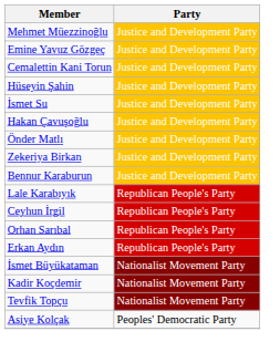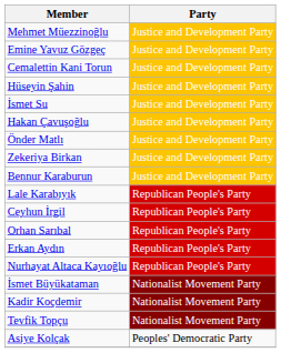 <table class="wikitable">
 <tr>
 <th>Member</th>
 <th>Party</th>
 </tr>
 <tr>
 <td><a href='#'>Mehmet Müezzinoğlu</a></td>
 <td style="background:#FDC400; color:white">Justice and Development Party</td>
 </tr>
 <tr>
 <td><a href='#'>Emine Yavuz Gözgeç</a></td>
 <td style="background:#FDC400; color:white">Justice and Development Party</td>
 </tr>
 <tr>
 <td><a href='#'>Cemalettin Kani Torun</a></td>
 <td style="background:#FDC400; color:white">Justice and Development Party</td>
 </tr>
 <tr>
 <td><a href='#'>Hüseyin Şahin</a></td>
 <td style="background:#FDC400; color:white">Justice and Development Party</td>
 </tr>
 <tr>
 <td><a href='#'>İsmet Su</a></td>
 <td style="background:#FDC400; color:white">Justice and Development Party</td>
 </tr>
 <tr>
 <td><a href='#'>Hakan Çavuşoğlu</a></td>
 <td style="background:#FDC400; color:white">Justice and Development Party</td>
 </tr>
 <tr>
 <td><a href='#'>Önder Matlı</a></td>
 <td style="background:#FDC400; color:white">Justice and Development Party</td>
 </tr>
 <tr>
 <td><a href='#'>Zekeriya Birkan</a></td>
 <td style="background:#FDC400; color:white">Justice and Development Party</td>
 </tr>
 <tr>
 <td><a href='#'>Bennur Karaburun</a></td>
 <td style="background:#FDC400; color:white">Justice and Development Party</td>
 </tr>
 <tr>
 <td><a href='#'>Lale Karabıyık</a></td>
 <td style="background:#D40000; color:white">Republican People's Party</td>
 </tr>
 <tr>
 <td><a href='#'>Ceyhun İrgil</a></td>
 <td style="background:#D40000; color:white">Republican People's Party</td>
 </tr>
 <tr>
 <td><a href='#'>Orhan Sarıbal</a></td>
 <td style="background:#D40000; color:white">Republican People's Party</td>
 </tr>
 <tr>
 <td><a href='#'>Erkan Aydın</a></td>
 <td style="background:#D40000; color:white">Republican People's Party</td>
 </tr>
 <tr>
+<td><a href='#'>Nurhayat Altaca Kayıoğlu</a></td>
+<td style="background:#D40000; color:white">Republican People's Party</td>
+</tr>
+<tr>
 <td><a href='#'>İsmet Büyükataman</a></td>
 <td style="background:#870000; color:white">Nationalist Movement Party</td>
 </tr>
 <tr>
 <td><a href='#'>Kadir Koçdemir</a></td>
 <td style="background:#870000; color:white">Nationalist Movement Party</td>
 </tr>
 <tr>
 <td><a href='#'>Tevfik Topçu</a></td>
 <td style="background:#870000; color:white">Nationalist Movement Party</td>
 </tr>
 <tr>
 <td><a href='#'>Asiye Kolçak</a></td>
 <td style="background:">Peoples' Democratic Party</td>
 </tr>
 <tr>
 </tr>
 </table>
